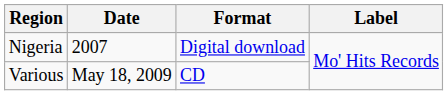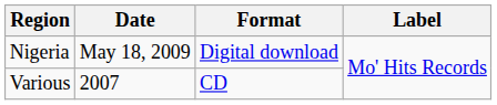 <table class="wikitable sortable">
 <tr>
 <th>Region</th>
 <th>Date</th>
 <th>Format</th>
 <th>Label</th>
 </tr>
 <tr>
 <td>Nigeria</td>
-<td>2007</td>
+<td>May 18, 2009</td>
 <td><a href='#'>Digital download</a></td>
 <td rowspan="2"><a href='#'>Mo' Hits Records</a></td>
 </tr>
 <tr>
 <td>Various</td>
-<td>May 18, 2009</td>
+<td>2007</td>
 <td><a href='#'>CD</a></td>
 </tr>
 </table>
